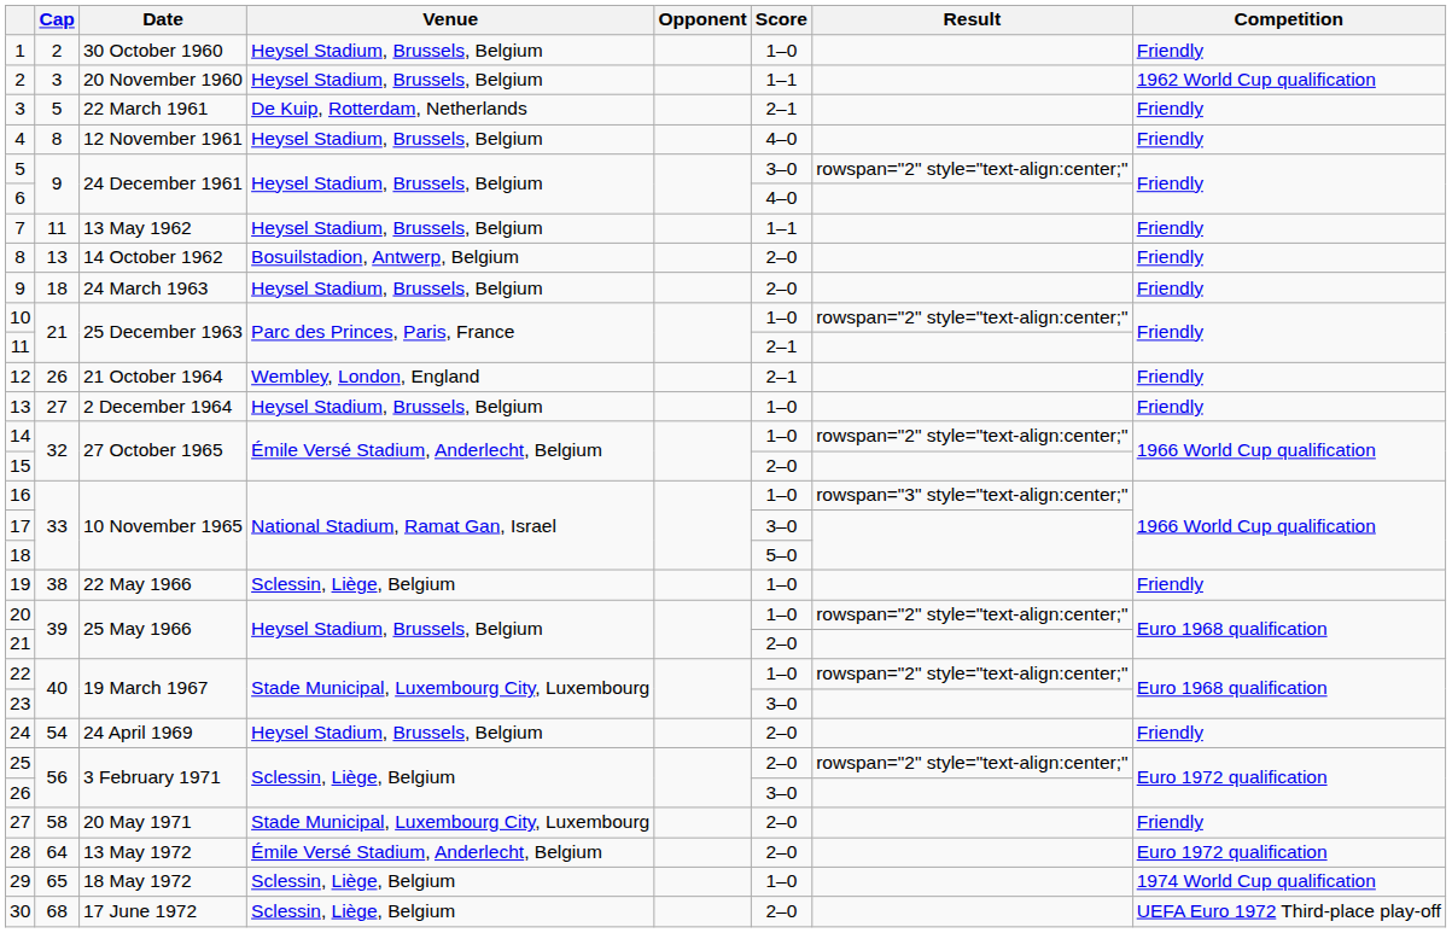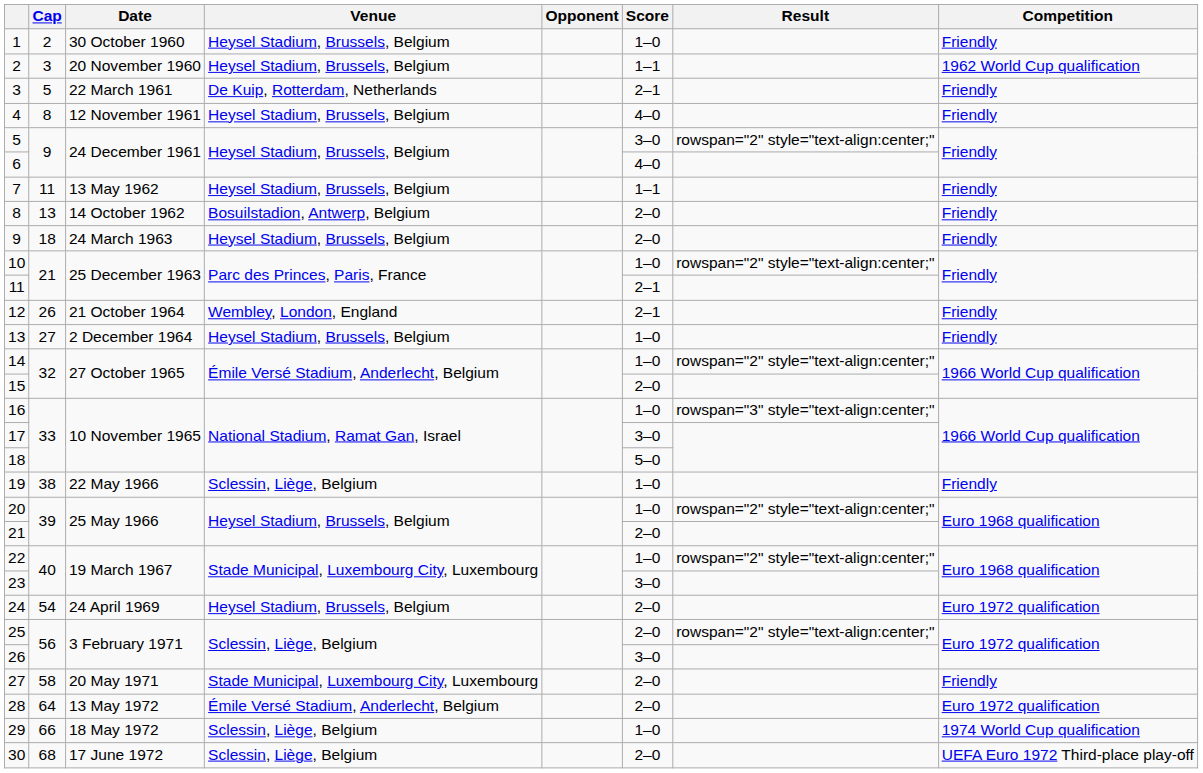 <table class="wikitable sortable">
 <tr>
 <th scope="col"></th>
 <th scope=col><a href='#'>Cap</a></th>
 <th scope="col">Date</th>
 <th scope="col">Venue</th>
 <th scope="col">Opponent</th>
 <th scope="col">Score</th>
 <th scope="col">Result</th>
 <th scope="col">Competition</th>
 </tr>
 <tr>
 <td align="center">1</td>
 <td align="center">2</td>
 <td>30 October 1960</td>
 <td><a href='#'>Heysel Stadium</a>, <a href='#'>Brussels</a>, Belgium</td>
 <td></td>
 <td align="center">1–0</td>
 <td></td>
 <td><a href='#'>Friendly</a></td>
 </tr>
 <tr>
 <td align="center">2</td>
 <td align="center">3</td>
 <td>20 November 1960</td>
 <td><a href='#'>Heysel Stadium</a>, <a href='#'>Brussels</a>, Belgium</td>
 <td></td>
 <td align="center">1–1</td>
 <td></td>
 <td><a href='#'>1962 World Cup qualification</a></td>
 </tr>
 <tr>
 <td align="center">3</td>
 <td align="center">5</td>
 <td>22 March 1961</td>
 <td><a href='#'>De Kuip</a>, <a href='#'>Rotterdam</a>, Netherlands</td>
 <td></td>
 <td align="center">2–1</td>
 <td></td>
 <td><a href='#'>Friendly</a></td>
 </tr>
 <tr>
 <td align="center">4</td>
 <td align="center">8</td>
 <td>12 November 1961</td>
 <td><a href='#'>Heysel Stadium</a>, <a href='#'>Brussels</a>, Belgium</td>
 <td></td>
 <td align="center">4–0</td>
 <td></td>
 <td><a href='#'>Friendly</a></td>
 </tr>
 <tr>
 <td align="center">5</td>
 <td rowspan="2" align="center">9</td>
 <td rowspan="2">24 December 1961</td>
 <td rowspan="2"><a href='#'>Heysel Stadium</a>, <a href='#'>Brussels</a>, Belgium</td>
 <td rowspan="2"></td>
 <td align="center">3–0</td>
 <td>rowspan="2" style="text-align:center;" </td>
 <td rowspan="2"><a href='#'>Friendly</a></td>
 </tr>
 <tr>
 <td align="center">6</td>
 <td align="center">4–0</td>
 </tr>
 <tr>
 <td align="center">7</td>
 <td align="center">11</td>
 <td>13 May 1962</td>
 <td><a href='#'>Heysel Stadium</a>, <a href='#'>Brussels</a>, Belgium</td>
 <td></td>
 <td align="center">1–1</td>
 <td></td>
 <td><a href='#'>Friendly</a></td>
 </tr>
 <tr>
 <td align="center">8</td>
 <td align="center">13</td>
 <td>14 October 1962</td>
 <td><a href='#'>Bosuilstadion</a>, <a href='#'>Antwerp</a>, Belgium</td>
 <td></td>
 <td align="center">2–0</td>
 <td></td>
 <td><a href='#'>Friendly</a></td>
 </tr>
 <tr>
 <td align="center">9</td>
 <td align="center">18</td>
 <td>24 March 1963</td>
 <td><a href='#'>Heysel Stadium</a>, <a href='#'>Brussels</a>, Belgium</td>
 <td></td>
 <td align="center">2–0</td>
 <td></td>
 <td><a href='#'>Friendly</a></td>
 </tr>
 <tr>
 <td align="center">10</td>
 <td rowspan="2" align="center">21</td>
 <td rowspan="2">25 December 1963</td>
 <td rowspan="2"><a href='#'>Parc des Princes</a>, <a href='#'>Paris</a>, France</td>
 <td rowspan="2"></td>
 <td align="center">1–0</td>
 <td>rowspan="2" style="text-align:center;" </td>
 <td rowspan="2"><a href='#'>Friendly</a></td>
 </tr>
 <tr>
 <td align="center">11</td>
 <td align="center">2–1</td>
 </tr>
 <tr>
 <td align="center">12</td>
 <td align="center">26</td>
 <td>21 October 1964</td>
 <td><a href='#'>Wembley</a>, <a href='#'>London</a>, England</td>
 <td></td>
 <td align="center">2–1</td>
 <td></td>
 <td><a href='#'>Friendly</a></td>
 </tr>
 <tr>
 <td align="center">13</td>
 <td align="center">27</td>
 <td>2 December 1964</td>
 <td><a href='#'>Heysel Stadium</a>, <a href='#'>Brussels</a>, Belgium</td>
 <td></td>
 <td align="center">1–0</td>
 <td></td>
 <td><a href='#'>Friendly</a></td>
 </tr>
 <tr>
 <td align="center">14</td>
 <td rowspan="2" align="center">32</td>
 <td rowspan="2">27 October 1965</td>
 <td rowspan="2"><a href='#'>Émile Versé Stadium</a>, <a href='#'>Anderlecht</a>, Belgium</td>
 <td rowspan="2"></td>
 <td align="center">1–0</td>
 <td>rowspan="2" style="text-align:center;" </td>
 <td rowspan="2"><a href='#'>1966 World Cup qualification</a></td>
 </tr>
 <tr>
 <td align="center">15</td>
 <td align="center">2–0</td>
 </tr>
 <tr>
 <td align="center">16</td>
 <td rowspan="3" align="center">33</td>
 <td rowspan="3">10 November 1965</td>
 <td rowspan="3"><a href='#'>National Stadium</a>, <a href='#'>Ramat Gan</a>, Israel</td>
 <td rowspan="3"></td>
 <td align="center">1–0</td>
 <td>rowspan="3" style="text-align:center;" </td>
 <td rowspan="3"><a href='#'>1966 World Cup qualification</a></td>
 </tr>
 <tr>
 <td align="center">17</td>
 <td align="center">3–0</td>
 </tr>
 <tr>
 <td align="center">18</td>
 <td align="center">5–0</td>
 </tr>
 <tr>
 <td align="center">19</td>
 <td align="center">38</td>
 <td>22 May 1966</td>
 <td><a href='#'>Sclessin</a>, <a href='#'>Liège</a>, Belgium</td>
 <td></td>
 <td align="center">1–0</td>
 <td></td>
 <td><a href='#'>Friendly</a></td>
 </tr>
 <tr>
 <td align="center">20</td>
 <td rowspan="2" align="center">39</td>
 <td rowspan="2">25 May 1966</td>
 <td rowspan="2"><a href='#'>Heysel Stadium</a>, <a href='#'>Brussels</a>, Belgium</td>
 <td rowspan="2"></td>
 <td align="center">1–0</td>
 <td>rowspan="2" style="text-align:center;" </td>
 <td rowspan="2"><a href='#'>Euro 1968 qualification</a></td>
 </tr>
 <tr>
 <td align="center">21</td>
 <td align="center">2–0</td>
 </tr>
 <tr>
 <td align="center">22</td>
 <td rowspan="2" align="center">40</td>
 <td rowspan="2">19 March 1967</td>
 <td rowspan="2"><a href='#'>Stade Municipal</a>, <a href='#'>Luxembourg City</a>, Luxembourg</td>
 <td rowspan="2"></td>
 <td align="center">1–0</td>
 <td>rowspan="2" style="text-align:center;" </td>
 <td rowspan="2"><a href='#'>Euro 1968 qualification</a></td>
 </tr>
 <tr>
 <td align="center">23</td>
 <td align="center">3–0</td>
 </tr>
 <tr>
 <td align="center">24</td>
 <td align="center">54</td>
 <td>24 April 1969</td>
 <td><a href='#'>Heysel Stadium</a>, <a href='#'>Brussels</a>, Belgium</td>
 <td></td>
 <td align="center">2–0</td>
 <td></td>
-<td><a href='#'>Friendly</a></td>
+<td><a href='#'>Euro 1972 qualification</a></td>
 </tr>
 <tr>
 <td align="center">25</td>
 <td rowspan="2" align="center">56</td>
 <td rowspan="2">3 February 1971</td>
 <td rowspan="2"><a href='#'>Sclessin</a>, <a href='#'>Liège</a>, Belgium</td>
 <td rowspan="2"></td>
 <td align="center">2–0</td>
 <td>rowspan="2" style="text-align:center;" </td>
 <td rowspan="2"><a href='#'>Euro 1972 qualification</a></td>
 </tr>
 <tr>
 <td align="center">26</td>
 <td align="center">3–0</td>
 </tr>
 <tr>
 <td align="center">27</td>
 <td align="center">58</td>
 <td>20 May 1971</td>
 <td><a href='#'>Stade Municipal</a>, <a href='#'>Luxembourg City</a>, Luxembourg</td>
 <td></td>
 <td align="center">2–0</td>
 <td></td>
 <td><a href='#'>Friendly</a></td>
 </tr>
 <tr>
 <td align="center">28</td>
 <td align="center">64</td>
 <td>13 May 1972</td>
 <td><a href='#'>Émile Versé Stadium</a>, <a href='#'>Anderlecht</a>, Belgium</td>
 <td></td>
 <td align="center">2–0</td>
 <td></td>
 <td><a href='#'>Euro 1972 qualification</a></td>
 </tr>
 <tr>
 <td align="center">29</td>
-<td align="center">65</td>
+<td align="center">66</td>
 <td>18 May 1972</td>
 <td><a href='#'>Sclessin</a>, <a href='#'>Liège</a>, Belgium</td>
 <td></td>
 <td align="center">1–0</td>
 <td></td>
 <td><a href='#'>1974 World Cup qualification</a></td>
 </tr>
 <tr>
 <td align="center">30</td>
 <td align="center">68</td>
 <td>17 June 1972</td>
 <td><a href='#'>Sclessin</a>, <a href='#'>Liège</a>, Belgium</td>
 <td></td>
 <td align="center">2–0</td>
 <td></td>
 <td><a href='#'>UEFA Euro 1972</a> Third-place play-off</td>
 </tr>
 </table>
